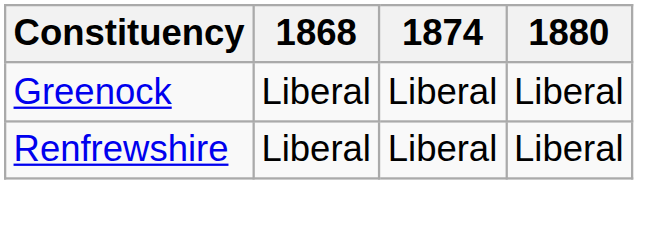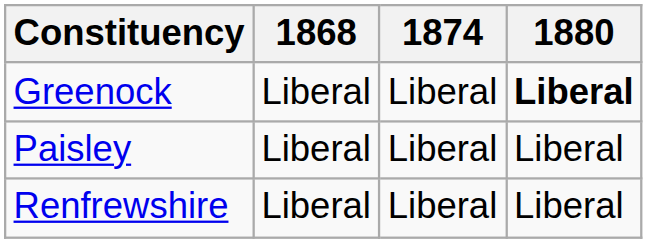 <table class="wikitable">
 <tr>
 <th>Constituency</th>
 <th>1868</th>
 <th>1874</th>
 <th>1880</th>
 </tr>
 <tr>
 <td><a href='#'>Greenock</a></td>
 <td>Liberal</td>
 <td>Liberal</td>
+<td><strong>Liberal</strong></td>
+</tr>
+<tr>
+<td><a href='#'>Paisley</a></td>
+<td>Liberal</td>
+<td>Liberal</td>
 <td>Liberal</td>
 </tr>
 <tr>
 <td><a href='#'>Renfrewshire</a></td>
 <td>Liberal</td>
 <td>Liberal</td>
 <td>Liberal</td>
 </tr>
 </table>
